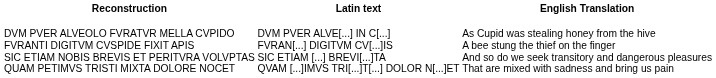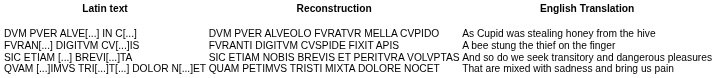 <table>
 <tr>
+<th>Latin text</th>
 <th>Reconstruction</th>
-<th>Latin text</th>
 <th>English Translation</th>
 </tr>
 <tr>
+<td><br>DVM PVER ALVE[...] IN C[...] <br> FVRAN[...] DIGITVM CV[...]IS<br> SIC ETIAM [...] BREVI[...]TA<br> QVAM [...]IMVS TRI[...]T[...] DOLOR N[...]ET<br></td>
 <td><br>DVM PVER ALVEOLO FVRATVR MELLA CVPIDO <br>  FVRANTI DIGITVM CVSPIDE FIXIT APIS <br> SIC ETIAM NOBIS BREVIS ET PERITVRA VOLVPTAS <br> QUAM PETIMVS TRISTI MIXTA DOLORE NOCET</td>
-<td><br>DVM PVER ALVE[...] IN C[...] <br> FVRAN[...] DIGITVM CV[...]IS<br> SIC ETIAM [...] BREVI[...]TA<br> QVAM [...]IMVS TRI[...]T[...] DOLOR N[...]ET<br></td>
 <td><br>As Cupid was stealing honey from the hive <br> A bee stung the thief on the finger <br>  And so do we seek transitory and dangerous pleasures <br> That are mixed with sadness and bring us pain</td>
 </tr>
 </table>
